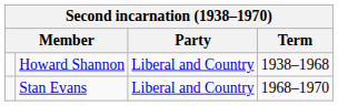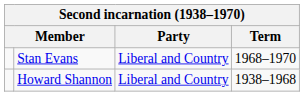 <table class="wikitable">
 <tr>
 <th colspan=4>Second incarnation (1938–1970)</th>
 </tr>
 <tr>
 <th colspan=2>Member</th>
 <th>Party</th>
 <th>Term</th>
 </tr>
 <tr>
 <td> </td>
+<td><a href='#'>Stan Evans</a></td>
+<td><a href='#'>Liberal and Country</a></td>
+<td>1968–1970</td>
+</tr>
+<tr>
+<td> </td>
 <td><a href='#'>Howard Shannon</a></td>
 <td><a href='#'>Liberal and Country</a></td>
 <td>1938–1968</td>
 </tr>
-<tr>
-<td> </td>
-<td><a href='#'>Stan Evans</a></td>
-<td><a href='#'>Liberal and Country</a></td>
-<td>1968–1970</td>
-</tr>
 </table>
